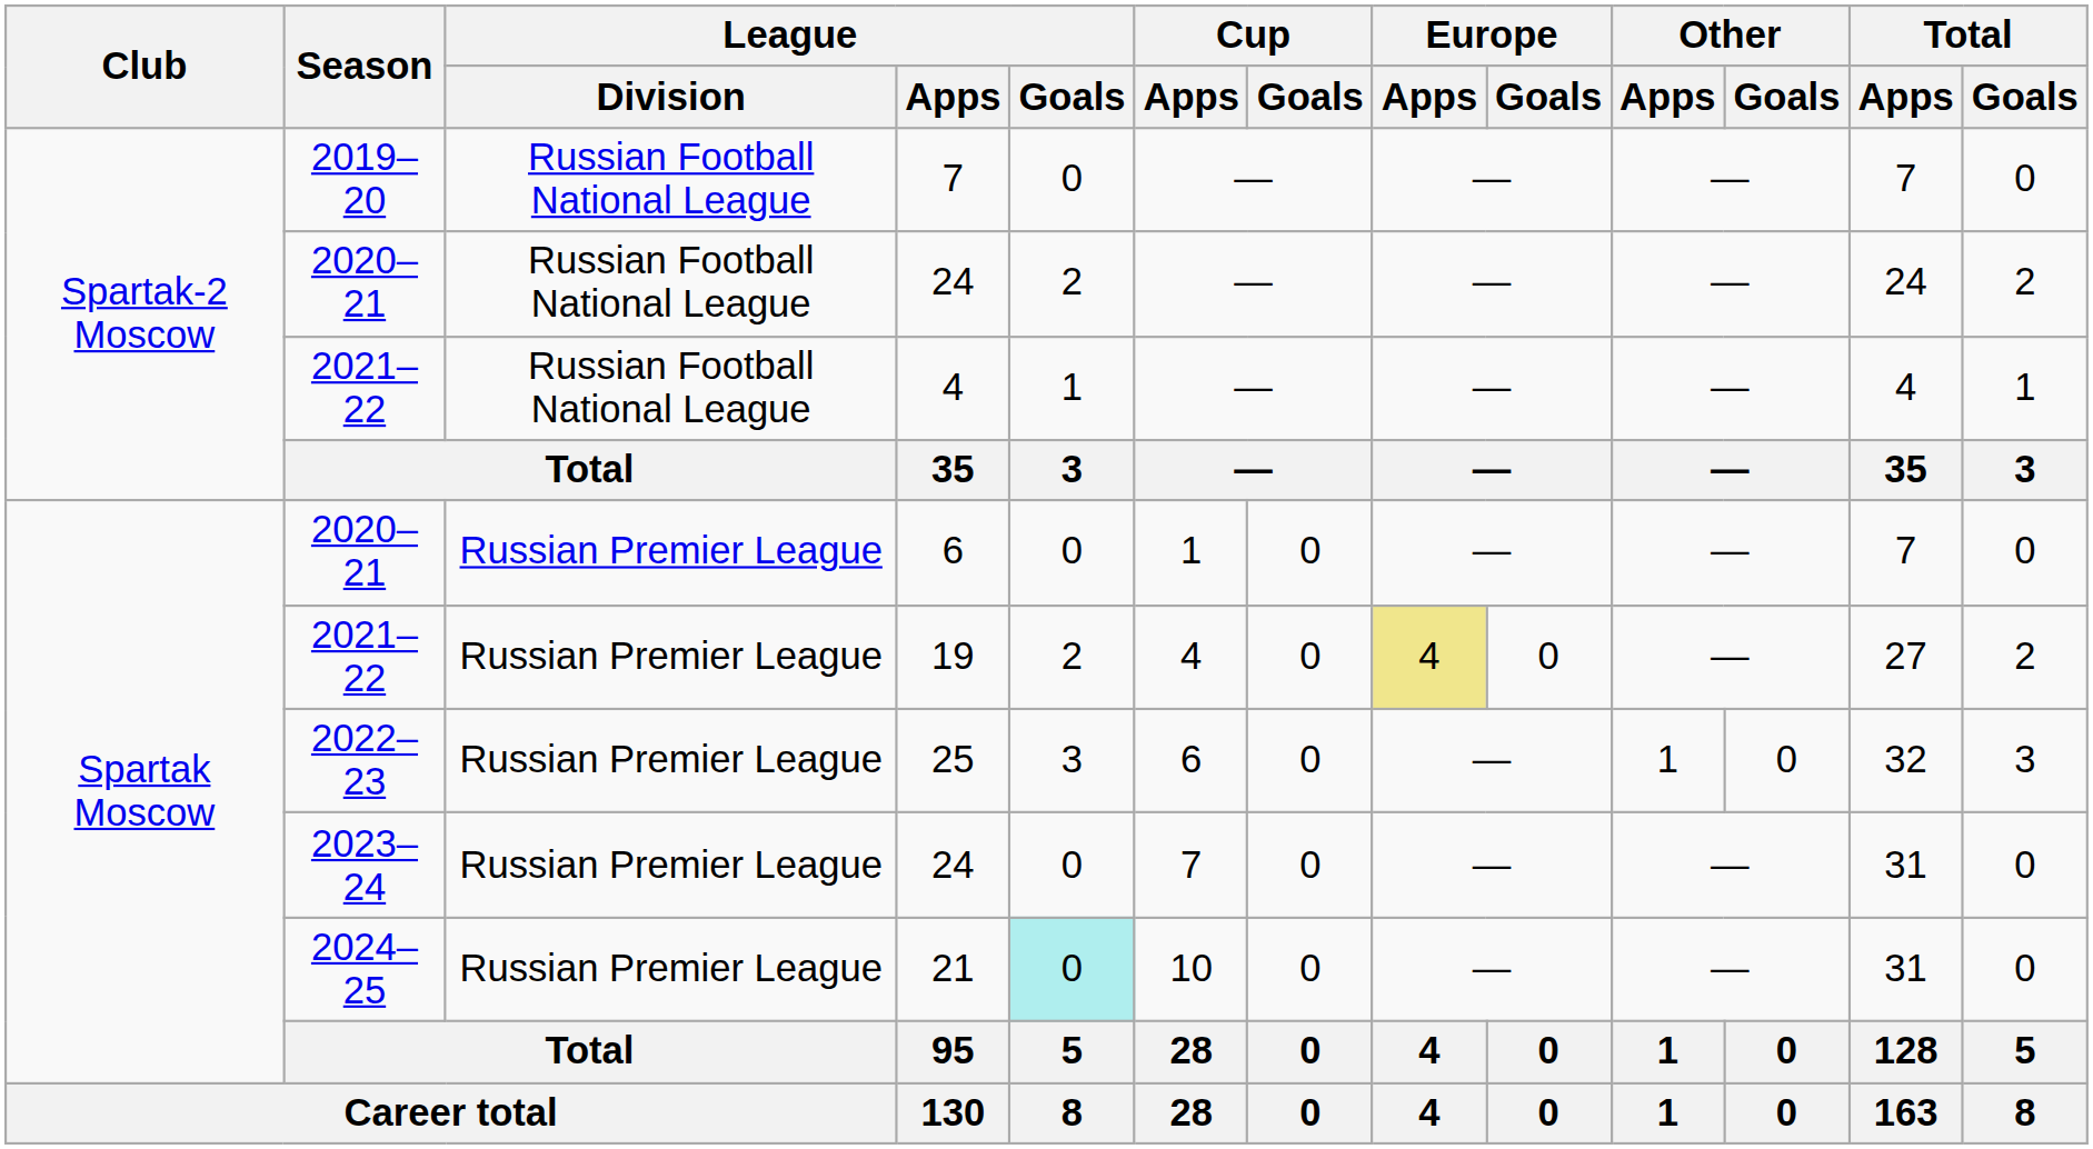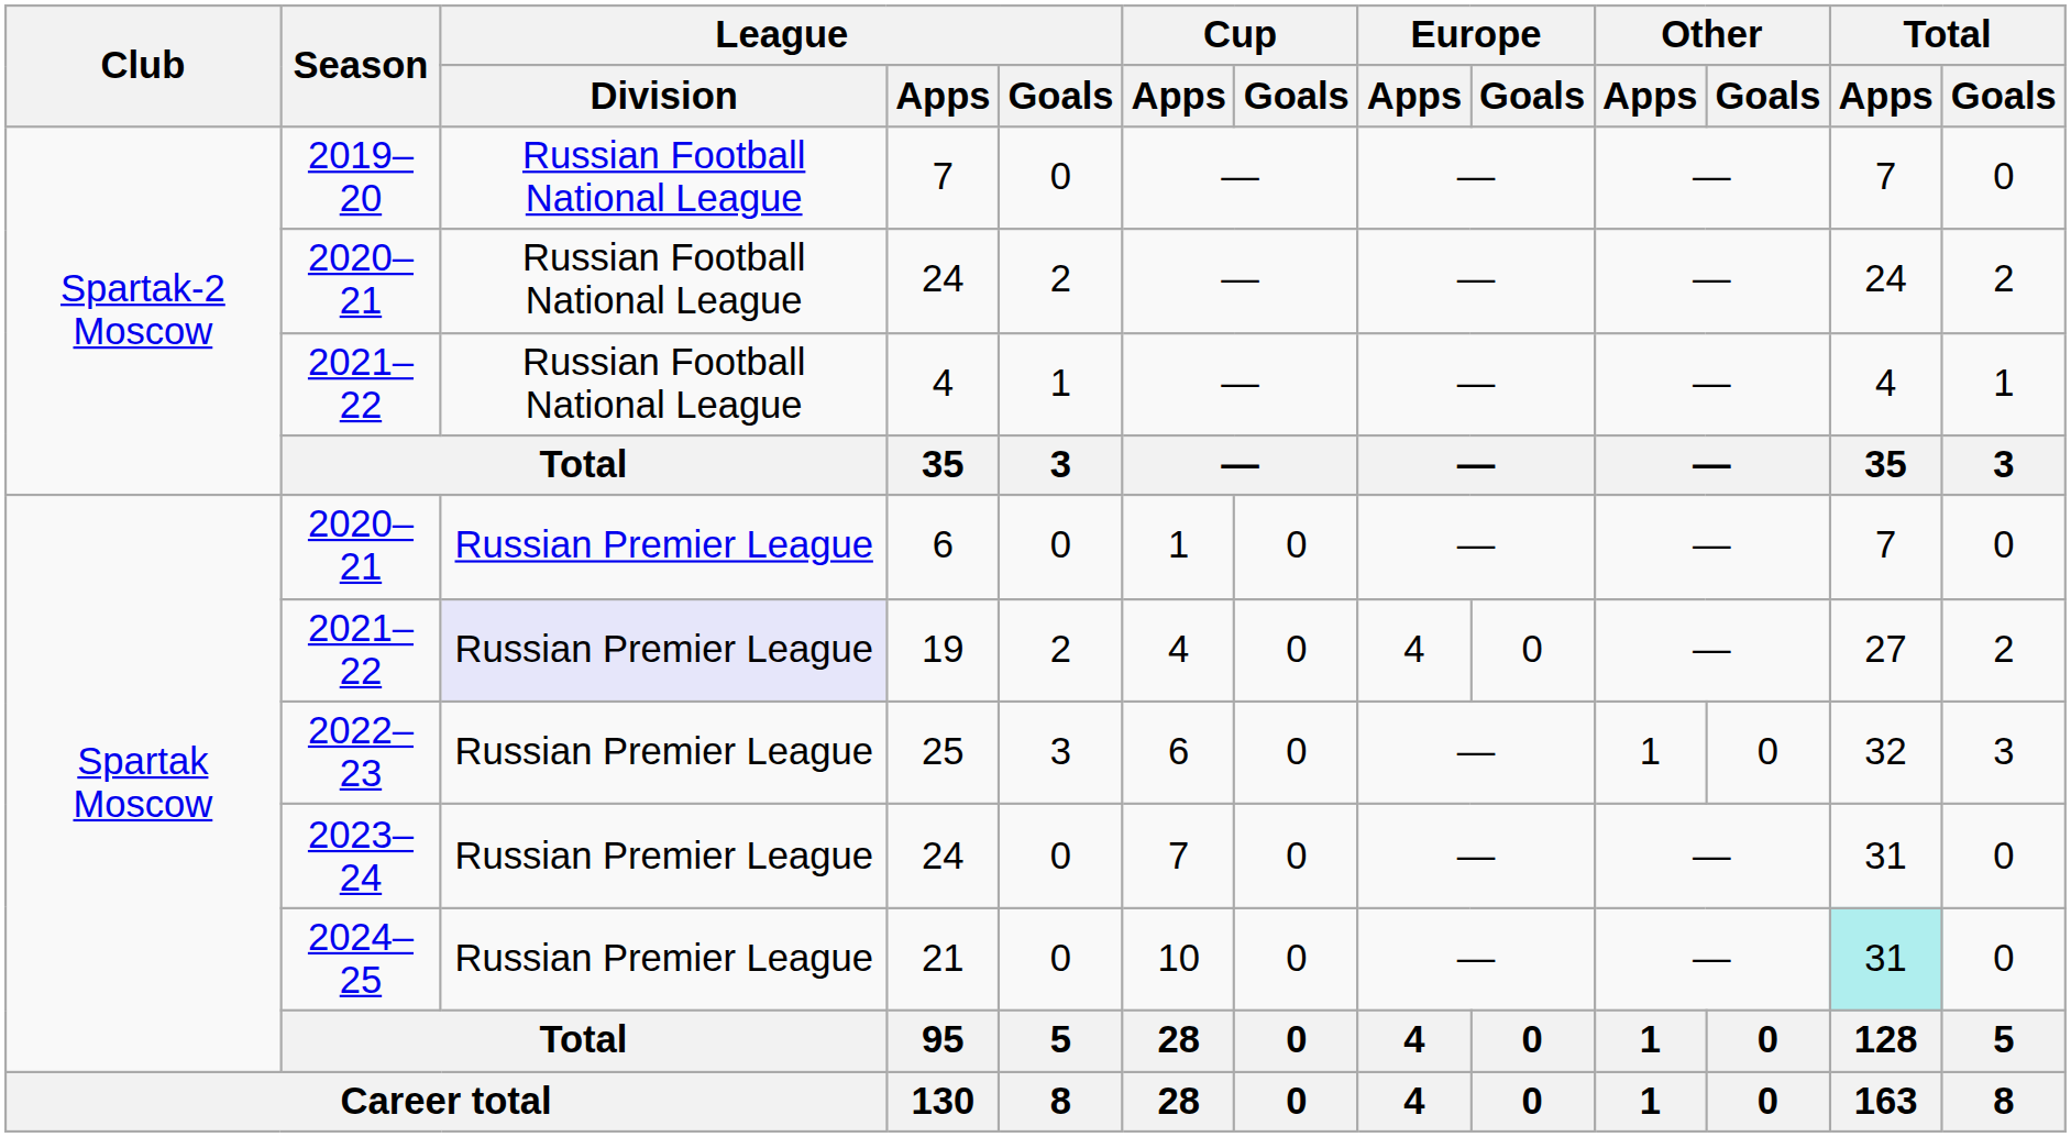 <table class="wikitable" style="text-align: center;">
 <tr>
 <th rowspan="2">Club</th>
 <th rowspan="2">Season</th>
 <th colspan="3">League</th>
 <th colspan="2">Cup</th>
 <th colspan="2">Europe</th>
 <th colspan="2">Other</th>
 <th colspan="2">Total</th>
 </tr>
 <tr>
 <th>Division</th>
 <th>Apps</th>
 <th>Goals</th>
 <th>Apps</th>
 <th>Goals</th>
 <th>Apps</th>
 <th>Goals</th>
 <th>Apps</th>
 <th>Goals</th>
 <th>Apps</th>
 <th>Goals</th>
 </tr>
 <tr>
 <td rowspan="4"><a href='#'>Spartak-2 Moscow</a></td>
 <td><a href='#'>2019–20</a></td>
 <td><a href='#'>Russian Football National League</a></td>
 <td>7</td>
 <td>0</td>
 <td colspan="2">—</td>
 <td colspan="2">—</td>
 <td colspan="2">—</td>
 <td>7</td>
 <td>0</td>
 </tr>
 <tr>
 <td><a href='#'>2020–21</a></td>
 <td>Russian Football National League</td>
 <td>24</td>
 <td>2</td>
 <td colspan="2">—</td>
 <td colspan="2">—</td>
 <td colspan="2">—</td>
 <td>24</td>
 <td>2</td>
 </tr>
 <tr>
 <td><a href='#'>2021–22</a></td>
 <td>Russian Football National League</td>
 <td>4</td>
 <td>1</td>
 <td colspan="2">—</td>
 <td colspan="2">—</td>
 <td colspan="2">—</td>
 <td>4</td>
 <td>1</td>
 </tr>
 <tr>
 <th colspan="2">Total</th>
 <th>35</th>
 <th>3</th>
 <th colspan="2">—</th>
 <th colspan="2">—</th>
 <th colspan="2">—</th>
 <th>35</th>
 <th>3</th>
 </tr>
 <tr>
 <td rowspan="6"><a href='#'>Spartak Moscow</a></td>
 <td><a href='#'>2020–21</a></td>
 <td><a href='#'>Russian Premier League</a></td>
 <td>6</td>
 <td>0</td>
 <td>1</td>
 <td>0</td>
 <td colspan="2">—</td>
 <td colspan="2">—</td>
 <td>7</td>
 <td>0</td>
 </tr>
 <tr>
 <td><a href='#'>2021–22</a></td>
-<td>Russian Premier League</td>
+<td style="background: lavender;">Russian Premier League</td>
 <td>19</td>
 <td>2</td>
 <td>4</td>
 <td>0</td>
-<td style="background: khaki;">4</td>
+<td>4</td>
 <td>0</td>
 <td colspan="2">—</td>
 <td>27</td>
 <td>2</td>
 </tr>
 <tr>
 <td><a href='#'>2022–23</a></td>
 <td>Russian Premier League</td>
 <td>25</td>
 <td>3</td>
 <td>6</td>
 <td>0</td>
 <td colspan="2">—</td>
 <td>1</td>
 <td>0</td>
 <td>32</td>
 <td>3</td>
 </tr>
 <tr>
 <td><a href='#'>2023–24</a></td>
 <td>Russian Premier League</td>
 <td>24</td>
 <td>0</td>
 <td>7</td>
 <td>0</td>
 <td colspan="2">—</td>
 <td colspan="2">—</td>
 <td>31</td>
 <td>0</td>
 </tr>
 <tr>
 <td><a href='#'>2024–25</a></td>
 <td>Russian Premier League</td>
 <td>21</td>
-<td style="background: paleturquoise;">0</td>
+<td>0</td>
 <td>10</td>
 <td>0</td>
 <td colspan="2">—</td>
 <td colspan="2">—</td>
-<td>31</td>
+<td style="background: paleturquoise;">31</td>
 <td>0</td>
 </tr>
 <tr>
 <th colspan="2">Total</th>
 <th>95</th>
 <th>5</th>
 <th>28</th>
 <th>0</th>
 <th>4</th>
 <th>0</th>
 <th>1</th>
 <th>0</th>
 <th>128</th>
 <th>5</th>
 </tr>
 <tr>
 <th colspan="3">Career total</th>
 <th>130</th>
 <th>8</th>
 <th>28</th>
 <th>0</th>
 <th>4</th>
 <th>0</th>
 <th>1</th>
 <th>0</th>
 <th>163</th>
 <th>8</th>
 </tr>
 </table>
